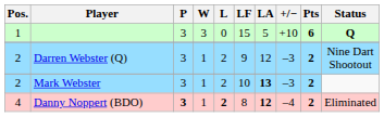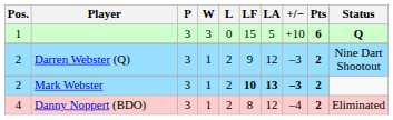 <table class="wikitable" style="text-align:center; margin: 1em auto 1em auto, align:left">
 <tr>
 <th width=20>Pos.</th>
 <th width=185>Player</th>
 <th width=20>P</th>
 <th width=20>W</th>
 <th width=20>L</th>
 <th width=20>LF</th>
 <th width=20>LA</th>
 <th width=25>+/−</th>
 <th width=20>Pts</th>
 <th width=70>Status</th>
 </tr>
 <tr style="background:#CCFFCC;">
 <td>1</td>
 <td align=left></td>
 <td>3</td>
 <td>3</td>
 <td>0</td>
 <td>15</td>
 <td>5</td>
 <td>+10</td>
 <td><strong>6</strong></td>
 <td><strong>Q</strong></td>
 </tr>
 <tr>
 </tr>
 <tr style="background:#97DEFF;">
 <td>2</td>
 <td align=left> <a href='#'>Darren Webster</a> (Q)</td>
 <td>3</td>
 <td>1</td>
 <td>2</td>
 <td>9</td>
 <td>12</td>
 <td>–3</td>
 <td><strong>2</strong></td>
 <td rowspan=2>Nine Dart Shootout</td>
 </tr>
 <tr>
 </tr>
 <tr style="background:#97DEFF;">
 <td>2</td>
 <td align=left> <a href='#'>Mark Webster</a></td>
 <td>3</td>
 <td>1</td>
 <td>2</td>
-<td>10</td>
+<td><strong>10</strong></td>
 <td><strong>13</strong></td>
-<td>–3</td>
+<td><strong>–3</strong></td>
 <td><strong>2</strong></td>
 </tr>
 <tr style="background:#FFCCCC;">
 <td>4</td>
 <td align=left> <a href='#'>Danny Noppert</a> (BDO)</td>
-<td><strong>3</strong></td>
+<td>3</td>
 <td>1</td>
-<td><strong>2</strong></td>
+<td>2</td>
 <td>8</td>
-<td><strong>12</strong></td>
+<td>12</td>
 <td>–4</td>
 <td><strong>2</strong></td>
 <td>Eliminated</td>
 </tr>
 </table>
